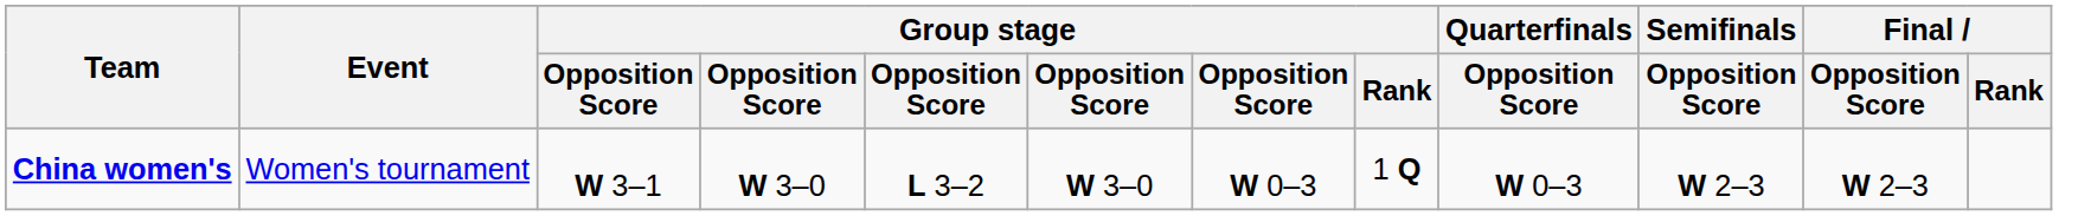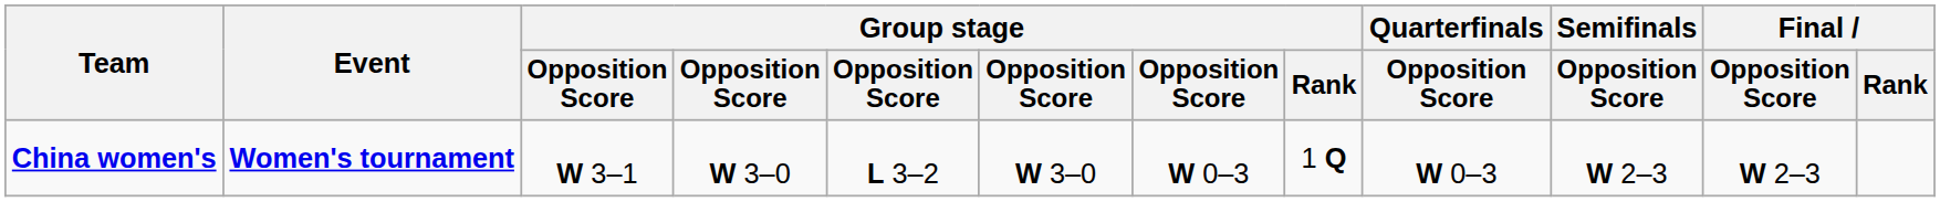 <table class=wikitable style=font-size:90%;text-align:center>
 <tr>
 <th rowspan=2>Team</th>
 <th rowspan=2>Event</th>
 <th colspan=6>Group stage</th>
 <th>Quarterfinals</th>
 <th>Semifinals</th>
 <th colspan=2>Final / </th>
 </tr>
 <tr style=font-size:95%>
 <th>Opposition<br>Score</th>
 <th>Opposition<br>Score</th>
 <th>Opposition<br>Score</th>
 <th>Opposition<br>Score</th>
 <th>Opposition<br>Score</th>
 <th>Rank</th>
 <th>Opposition<br>Score</th>
 <th>Opposition<br>Score</th>
 <th>Opposition<br>Score</th>
 <th>Rank</th>
 </tr>
 <tr>
 <td align=left><strong><a href='#'>China  women's</a></strong></td>
-<td align=left><a href='#'>Women's tournament</a></td>
+<td align=left><strong><a href='#'>Women's tournament</a></strong></td>
 <td><br><strong>W</strong> 3–1</td>
 <td><br><strong>W</strong> 3–0</td>
 <td><br><strong>L</strong> 3–2</td>
 <td><br><strong>W</strong> 3–0</td>
 <td><br><strong>W</strong> 0–3</td>
 <td>1 <strong>Q</strong></td>
 <td><br><strong>W</strong> 0–3</td>
 <td><br><strong>W</strong> 2–3</td>
 <td><br><strong>W</strong> 2–3</td>
 <td></td>
 </tr>
 </table>
